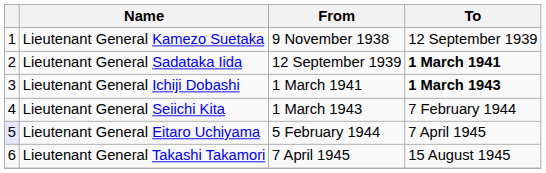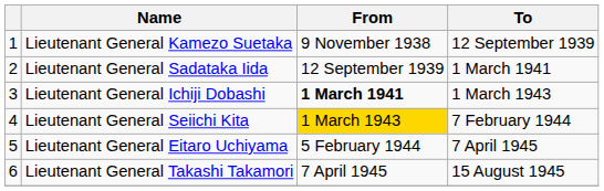 <table class=wikitable>
 <tr>
 <th></th>
 <th>Name</th>
 <th>From</th>
 <th>To</th>
 </tr>
 <tr>
 <td>1</td>
 <td>Lieutenant General <a href='#'>Kamezo Suetaka</a></td>
 <td>9 November 1938</td>
 <td>12 September 1939</td>
 </tr>
 <tr>
 <td>2</td>
 <td>Lieutenant General <a href='#'>Sadataka Iida</a></td>
 <td>12 September 1939</td>
-<td><strong>1 March 1941</strong></td>
+<td>1 March 1941</td>
 </tr>
 <tr>
 <td>3</td>
 <td>Lieutenant General <a href='#'>Ichiji Dobashi</a></td>
-<td>1 March 1941</td>
-<td><strong>1 March 1943</strong></td>
+<td><strong>1 March 1941</strong></td>
+<td>1 March 1943</td>
 </tr>
 <tr>
 <td>4</td>
 <td>Lieutenant General <a href='#'>Seiichi Kita</a></td>
-<td>1 March 1943</td>
+<td style="background: gold;">1 March 1943</td>
 <td>7 February 1944</td>
 </tr>
 <tr>
-<td style="background: lavender;">5</td>
+<td>5</td>
 <td>Lieutenant General <a href='#'>Eitaro Uchiyama</a></td>
 <td>5 February 1944</td>
 <td>7 April 1945</td>
 </tr>
 <tr>
 <td>6</td>
 <td>Lieutenant General <a href='#'>Takashi Takamori</a></td>
 <td>7 April 1945</td>
 <td>15 August 1945</td>
 </tr>
 <tr>
 </tr>
 </table>
